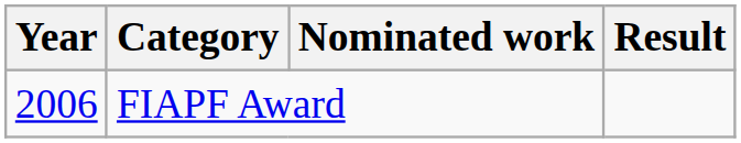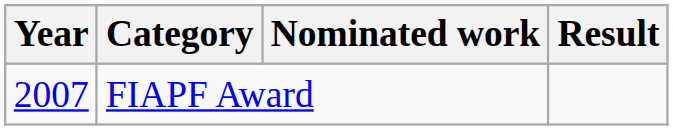 <table class="wikitable">
 <tr>
 <th>Year</th>
 <th>Category</th>
 <th>Nominated work</th>
 <th>Result</th>
 </tr>
 <tr>
-<td><a href='#'>2006</a></td>
+<td><a href='#'>2007</a></td>
 <td colspan=2><a href='#'>FIAPF Award</a></td>
 <td></td>
 </tr>
 </table>
